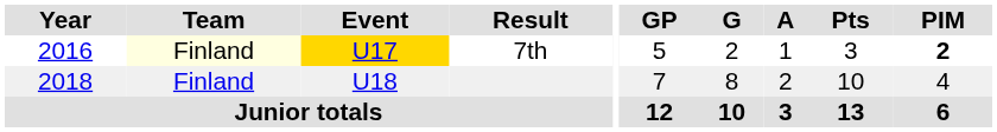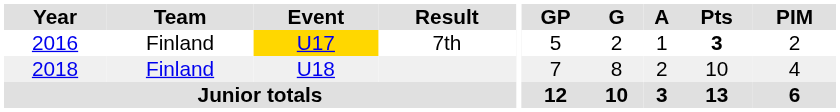 <table border="0" cellpadding="1" cellspacing="0" ID="Table3" style="text-align:center; width:40em">
 <tr ALIGN="center" bgcolor="#e0e0e0">
 <th>Year</th>
 <th>Team</th>
 <th>Event</th>
 <th>Result</th>
 <th rowspan="99" bgcolor="#ffffff"></th>
 <th>GP</th>
 <th>G</th>
 <th>A</th>
 <th>Pts</th>
 <th>PIM</th>
 </tr>
 <tr>
 <td><a href='#'>2016</a></td>
-<td style="background: lightyellow;">Finland</td>
+<td>Finland</td>
 <td style="background: gold;"><a href='#'>U17</a></td>
 <td>7th</td>
 <td>5</td>
 <td>2</td>
 <td>1</td>
-<td>3</td>
-<td><strong>2</strong></td>
+<td><strong>3</strong></td>
+<td>2</td>
 </tr>
 <tr bgcolor="#f0f0f0">
 <td><a href='#'>2018</a></td>
 <td><a href='#'>Finland</a></td>
 <td><a href='#'>U18</a></td>
 <td></td>
 <td>7</td>
 <td>8</td>
 <td>2</td>
 <td>10</td>
 <td>4</td>
 </tr>
 <tr bgcolor="#e0e0e0">
 <th colspan="4">Junior totals</th>
 <th>12</th>
 <th>10</th>
 <th>3</th>
 <th>13</th>
 <th>6</th>
 </tr>
 </table>
